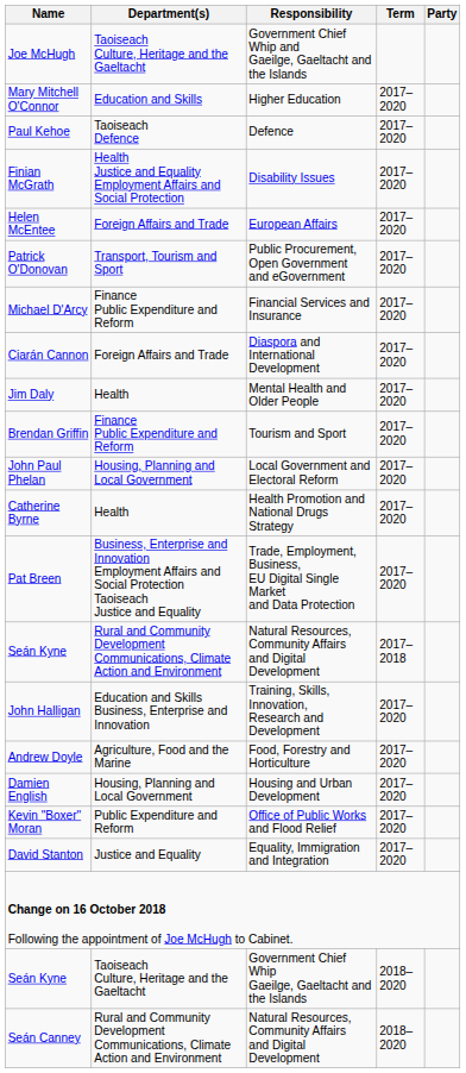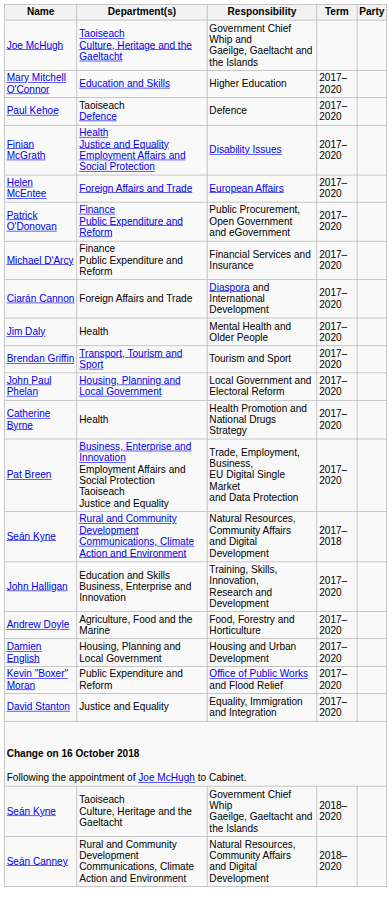 <table class="wikitable">
 <tr>
 <th>Name</th>
 <th>Department(s)</th>
 <th>Responsibility</th>
 <th>Term</th>
 <th colspan=2>Party</th>
 </tr>
 <tr>
 <td><a href='#'>Joe McHugh</a><br></td>
 <td><a href='#'>Taoiseach</a><br><a href='#'>Culture, Heritage and the Gaeltacht</a></td>
 <td>Government Chief Whip and<br>Gaeilge, Gaeltacht and the Islands</td>
 <td></td>
 <td></td>
 </tr>
 <tr>
 <td><a href='#'>Mary Mitchell O'Connor</a><br></td>
 <td><a href='#'>Education and Skills</a></td>
 <td>Higher Education</td>
 <td>2017–2020</td>
 <td></td>
 </tr>
 <tr>
 <td><a href='#'>Paul Kehoe</a><br></td>
 <td>Taoiseach<br><a href='#'>Defence</a></td>
 <td>Defence</td>
 <td>2017–2020</td>
 <td></td>
 </tr>
 <tr>
 <td><a href='#'>Finian McGrath</a><br></td>
 <td><a href='#'>Health</a><br><a href='#'>Justice and Equality</a><br><a href='#'>Employment Affairs and Social Protection</a></td>
 <td><a href='#'>Disability Issues</a></td>
 <td>2017–2020</td>
 <td></td>
 </tr>
 <tr>
 <td><a href='#'>Helen McEntee</a></td>
 <td><a href='#'>Foreign Affairs and Trade</a></td>
 <td><a href='#'>European Affairs</a></td>
 <td>2017–2020</td>
 <td></td>
 </tr>
 <tr>
 <td><a href='#'>Patrick O'Donovan</a></td>
-<td><a href='#'>Transport, Tourism and Sport</a></td>
+<td><a href='#'>Finance</a><br><a href='#'>Public Expenditure and Reform</a></td>
 <td>Public Procurement,<br>Open Government<br>and eGovernment</td>
 <td>2017–2020</td>
 <td></td>
 </tr>
 <tr>
 <td><a href='#'>Michael D'Arcy</a></td>
 <td>Finance<br>Public Expenditure and Reform</td>
 <td>Financial Services and Insurance</td>
 <td>2017–2020</td>
 <td></td>
 </tr>
 <tr>
 <td><a href='#'>Ciarán Cannon</a></td>
 <td>Foreign Affairs and Trade</td>
 <td><a href='#'>Diaspora</a> and International Development</td>
 <td>2017–2020</td>
 <td></td>
 </tr>
 <tr>
 <td><a href='#'>Jim Daly</a></td>
 <td>Health</td>
 <td>Mental Health and Older People</td>
 <td>2017–2020</td>
 <td></td>
 </tr>
 <tr>
 <td><a href='#'>Brendan Griffin</a></td>
-<td><a href='#'>Finance</a><br><a href='#'>Public Expenditure and Reform</a></td>
+<td><a href='#'>Transport, Tourism and Sport</a></td>
 <td>Tourism and Sport</td>
 <td>2017–2020</td>
 <td></td>
 </tr>
 <tr>
 <td><a href='#'>John Paul Phelan</a></td>
 <td><a href='#'>Housing, Planning and Local Government</a></td>
 <td>Local Government and Electoral Reform</td>
 <td>2017–2020</td>
 <td></td>
 </tr>
 <tr>
 <td><a href='#'>Catherine Byrne</a></td>
 <td>Health</td>
 <td>Health Promotion and<br>National Drugs Strategy</td>
 <td>2017–2020</td>
 <td></td>
 </tr>
 <tr>
 <td><a href='#'>Pat Breen</a></td>
 <td><a href='#'>Business, Enterprise and Innovation</a><br>Employment Affairs and Social Protection<br>Taoiseach<br>Justice and Equality</td>
 <td>Trade, Employment, Business,<br>EU Digital Single Market<br>and Data Protection</td>
 <td>2017–2020</td>
 <td></td>
 </tr>
 <tr>
 <td><a href='#'>Seán Kyne</a></td>
 <td><a href='#'>Rural and Community Development</a><br><a href='#'>Communications, Climate Action and Environment</a></td>
 <td>Natural Resources,<br>Community Affairs<br>and Digital Development</td>
 <td>2017–2018</td>
 <td></td>
 </tr>
 <tr>
 <td><a href='#'>John Halligan</a></td>
 <td>Education and Skills<br>Business, Enterprise and Innovation</td>
 <td>Training, Skills, Innovation,<br>Research and Development</td>
 <td>2017–2020</td>
 <td></td>
 </tr>
 <tr>
 <td><a href='#'>Andrew Doyle</a></td>
 <td>Agriculture, Food and the Marine</td>
 <td>Food, Forestry and Horticulture</td>
 <td>2017–2020</td>
 <td></td>
 </tr>
 <tr>
 <td><a href='#'>Damien English</a></td>
 <td>Housing, Planning and Local Government</td>
 <td>Housing and Urban Development</td>
 <td>2017–2020</td>
 <td></td>
 </tr>
 <tr>
 <td><a href='#'>Kevin "Boxer" Moran</a></td>
 <td>Public Expenditure and Reform</td>
 <td><a href='#'>Office of Public Works</a><br>and Flood Relief</td>
 <td>2017–2020</td>
 <td></td>
 </tr>
 <tr>
 <td><a href='#'>David Stanton</a></td>
 <td>Justice and Equality</td>
 <td>Equality, Immigration and Integration</td>
 <td>2017–2020</td>
 <td></td>
 </tr>
 <tr>
 <td colspan=6><br><h4>Change on 16 October 2018</h4>Following the appointment of <a href='#'>Joe McHugh</a> to Cabinet.</td>
 </tr>
 <tr>
 <td><a href='#'>Seán Kyne</a><br></td>
 <td>Taoiseach<br>Culture, Heritage and the Gaeltacht</td>
 <td>Government Chief Whip<br>Gaeilge, Gaeltacht and the Islands</td>
 <td>2018–2020</td>
 <td></td>
 </tr>
 <tr>
 <td><a href='#'>Seán Canney</a></td>
 <td>Rural and Community Development<br>Communications, Climate Action and Environment</td>
 <td>Natural Resources,<br>Community Affairs<br>and Digital Development</td>
 <td>2018–2020</td>
 <td></td>
 </tr>
 </table>
